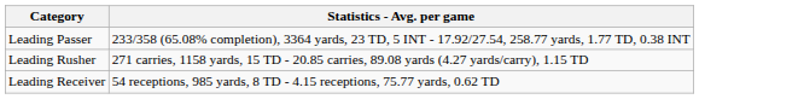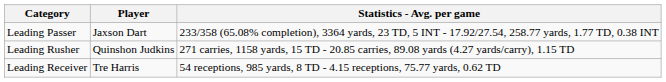 <table class="wikitable" style="float: left;">
 <tr>
 <th>Category</th>
+<th>Player</th>
 <th>Statistics - Avg. per game</th>
 </tr>
 <tr>
 <td>Leading Passer</td>
+<td>Jaxson Dart</td>
 <td>233/358 (65.08% completion), 3364 yards, 23 TD, 5 INT - 17.92/27.54, 258.77 yards, 1.77 TD, 0.38 INT</td>
 </tr>
 <tr>
 <td>Leading Rusher</td>
+<td>Quinshon Judkins</td>
 <td>271 carries, 1158 yards, 15 TD - 20.85 carries, 89.08 yards (4.27 yards/carry), 1.15 TD</td>
 </tr>
 <tr>
 <td>Leading Receiver</td>
+<td>Tre Harris</td>
 <td>54 receptions, 985 yards, 8 TD - 4.15 receptions, 75.77 yards, 0.62 TD</td>
 </tr>
 </table>
